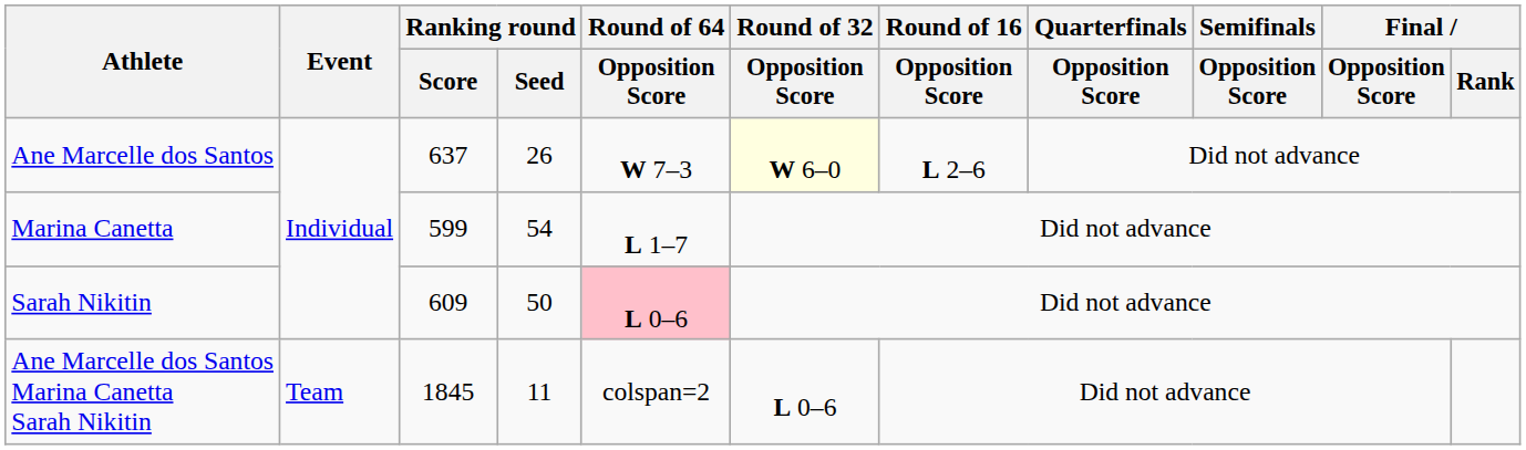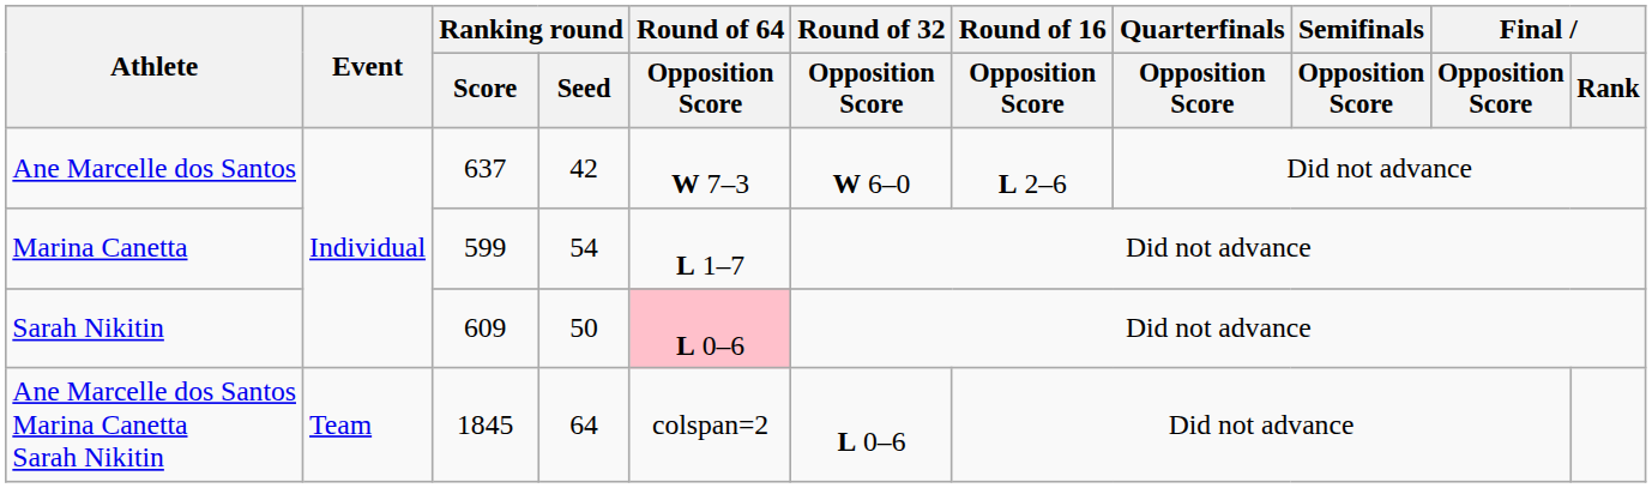 <table class="wikitable" style="font-size:90%">
 <tr>
 <th rowspan=2>Athlete</th>
 <th rowspan=2>Event</th>
 <th colspan="2">Ranking round</th>
 <th>Round of 64</th>
 <th>Round of 32</th>
 <th>Round of 16</th>
 <th>Quarterfinals</th>
 <th>Semifinals</th>
 <th colspan="2">Final / </th>
 </tr>
 <tr style="font-size:95%">
 <th>Score</th>
 <th>Seed</th>
 <th>Opposition<br>Score</th>
 <th>Opposition<br>Score</th>
 <th>Opposition<br>Score</th>
 <th>Opposition<br>Score</th>
 <th>Opposition<br>Score</th>
 <th>Opposition<br>Score</th>
 <th>Rank</th>
 </tr>
 <tr align=center>
 <td align=left><a href='#'>Ane Marcelle dos Santos</a></td>
 <td align=left rowspan=3><a href='#'>Individual</a></td>
 <td>637</td>
-<td>26</td>
+<td>42</td>
 <td><br><strong>W</strong> 7–3</td>
-<td style="background: lightyellow;"><br><strong>W</strong> 6–0</td>
+<td><br><strong>W</strong> 6–0</td>
 <td><br><strong>L</strong> 2–6</td>
 <td colspan=4>Did not advance</td>
 </tr>
 <tr align=center>
 <td align=left><a href='#'>Marina Canetta</a></td>
 <td>599</td>
 <td>54</td>
 <td><br><strong>L</strong> 1–7</td>
 <td colspan=6>Did not advance</td>
 </tr>
 <tr align=center>
 <td align=left><a href='#'>Sarah Nikitin</a></td>
 <td>609</td>
 <td>50</td>
 <td style="background: pink;"><br><strong>L</strong> 0–6</td>
 <td colspan=6>Did not advance</td>
 </tr>
 <tr align=center>
 <td align=left><a href='#'>Ane Marcelle dos Santos</a><br><a href='#'>Marina Canetta</a><br><a href='#'>Sarah Nikitin</a></td>
 <td align=left><a href='#'>Team</a></td>
 <td>1845</td>
-<td>11</td>
+<td>64</td>
 <td>colspan=2 </td>
 <td><br><strong>L</strong> 0–6</td>
 <td colspan=4>Did not advance</td>
 </tr>
 </table>
